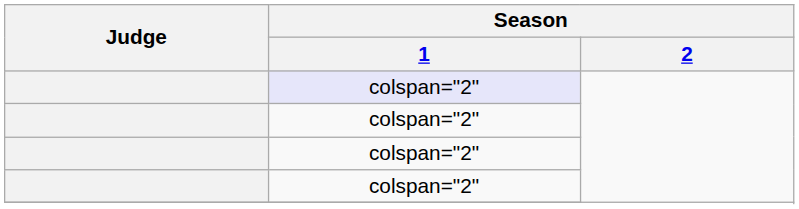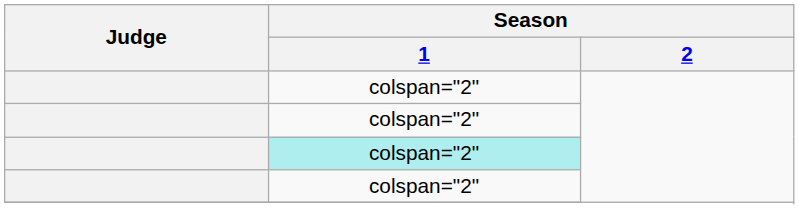 <table class="wikitable plainrowheaders" style="text-align:center">
 <tr>
 <th rowspan="2" style="width:1%;" scope="col">Judge</th>
 <th colspan="8">Season</th>
 </tr>
 <tr>
 <th style="width:1%;" scope="colspan"><a href='#'>1</a></th>
 <th style="width:1%;" scope="colspan"><a href='#'>2</a></th>
 </tr>
 <tr>
 <th scope="row"></th>
-<td style="background: lavender;">colspan="2" </td>
-</tr>
-<tr>
-<th scope="row"></th>
 <td>colspan="2" </td>
 </tr>
 <tr>
 <th scope="row"></th>
 <td>colspan="2" </td>
 </tr>
 <tr>
 <th scope="row"></th>
+<td style="background: paleturquoise;">colspan="2" </td>
+</tr>
+<tr>
+<th scope="row"></th>
 <td>colspan="2" </td>
 </tr>
 <tr>
 </tr>
 </table>
